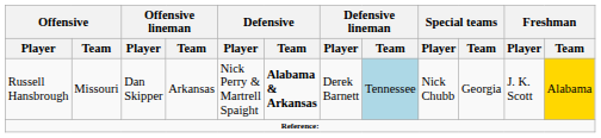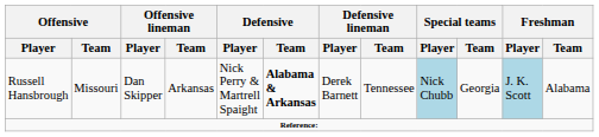 <table class="wikitable" border="1">
 <tr>
 <th colspan="2">Offensive</th>
 <th colspan="2">Offensive lineman</th>
 <th colspan="2">Defensive</th>
 <th colspan="2">Defensive lineman</th>
 <th colspan="2">Special teams</th>
 <th colspan="2">Freshman</th>
 </tr>
 <tr>
 <th>Player</th>
 <th>Team</th>
 <th>Player</th>
 <th>Team</th>
 <th>Player</th>
 <th>Team</th>
 <th>Player</th>
 <th>Team</th>
 <th>Player</th>
 <th>Team</th>
 <th>Player</th>
 <th>Team</th>
 </tr>
 <tr>
 <td>Russell Hansbrough</td>
 <td>Missouri</td>
 <td>Dan Skipper</td>
 <td>Arkansas</td>
 <td>Nick Perry & Martrell Spaight</td>
 <td><strong>Alabama & Arkansas</strong></td>
 <td>Derek Barnett</td>
-<td style="background: lightblue;">Tennessee</td>
-<td>Nick Chubb</td>
+<td>Tennessee</td>
+<td style="background: lightblue;">Nick Chubb</td>
 <td>Georgia</td>
-<td>J. K. Scott</td>
-<td style="background: gold;">Alabama</td>
+<td style="background: lightblue;">J. K. Scott</td>
+<td>Alabama</td>
 </tr>
 <tr>
 <td colspan="12" style="font-size: 8pt" align="center"><strong>Reference:</strong></td>
 </tr>
 </table>
